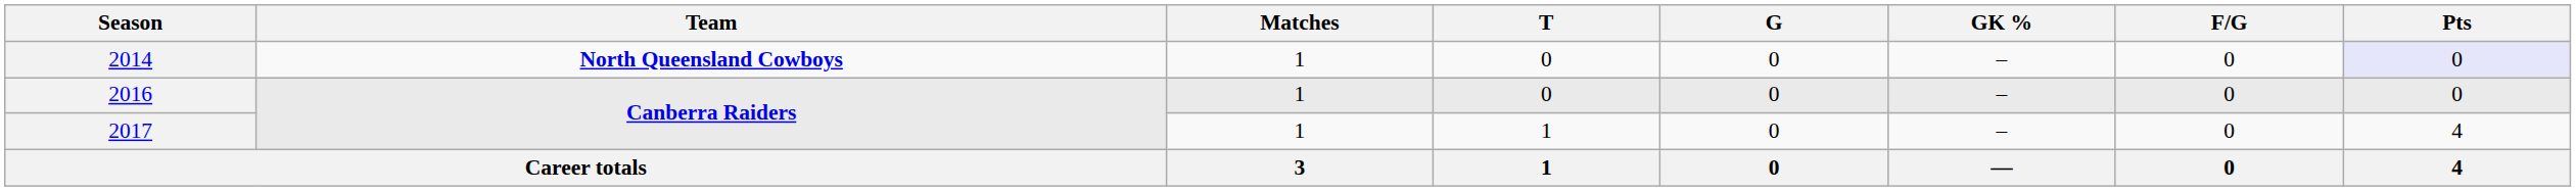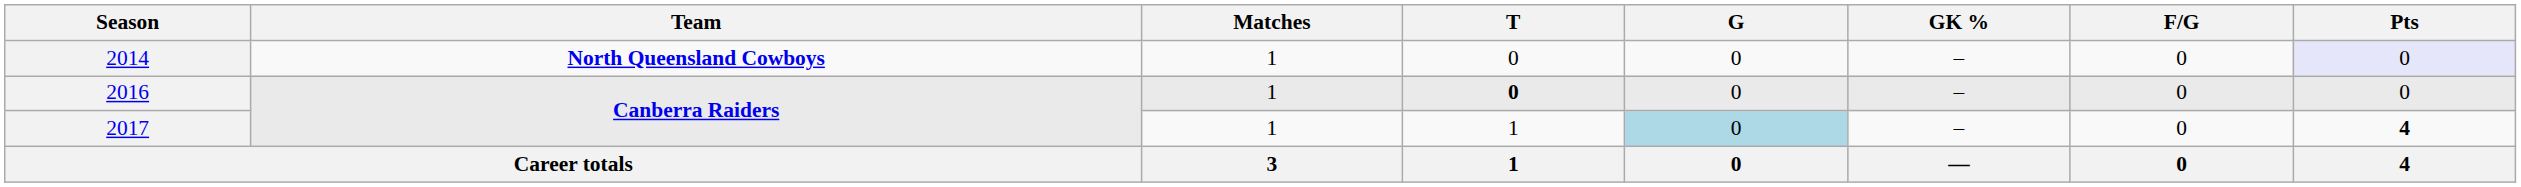 <table class="wikitable sortable"  style="font-size:90%; text-align:center; width:85%;">
 <tr>
 <th width=2%>Season</th>
 <th width=8%>Team</th>
 <th width=2%>Matches</th>
 <th width=2%>T</th>
 <th width=2%>G</th>
 <th width=2%>GK %</th>
 <th width=2%>F/G</th>
 <th width=2%>Pts</th>
 </tr>
 <tr>
 <th scope="row" style="text-align:center; font-weight:normal"><a href='#'>2014</a></th>
 <td style="text-align:center;"> <strong><a href='#'>North Queensland Cowboys</a></strong></td>
 <td>1</td>
 <td>0</td>
 <td>0</td>
 <td>–</td>
 <td>0</td>
 <td style="background: lavender;">0</td>
 </tr>
 <tr style="background:#eaeaea;">
 <th scope="row" style="text-align:center; font-weight:normal"><a href='#'>2016</a></th>
 <td rowspan="2" style="text-align:center;"> <strong><a href='#'>Canberra Raiders</a></strong></td>
 <td>1</td>
-<td>0</td>
+<td><strong>0</strong></td>
 <td>0</td>
 <td>–</td>
 <td>0</td>
 <td>0</td>
 </tr>
 <tr>
 <th scope="row" style="text-align:center; font-weight:normal"><a href='#'>2017</a></th>
 <td>1</td>
 <td>1</td>
-<td>0</td>
+<td style="background: lightblue;">0</td>
 <td>–</td>
 <td>0</td>
-<td>4</td>
+<td><strong>4</strong></td>
 </tr>
 <tr class="sortbottom">
 <th colspan=2>Career totals</th>
 <th>3</th>
 <th>1</th>
 <th>0</th>
 <th>—</th>
 <th>0</th>
 <th>4</th>
 </tr>
 </table>
